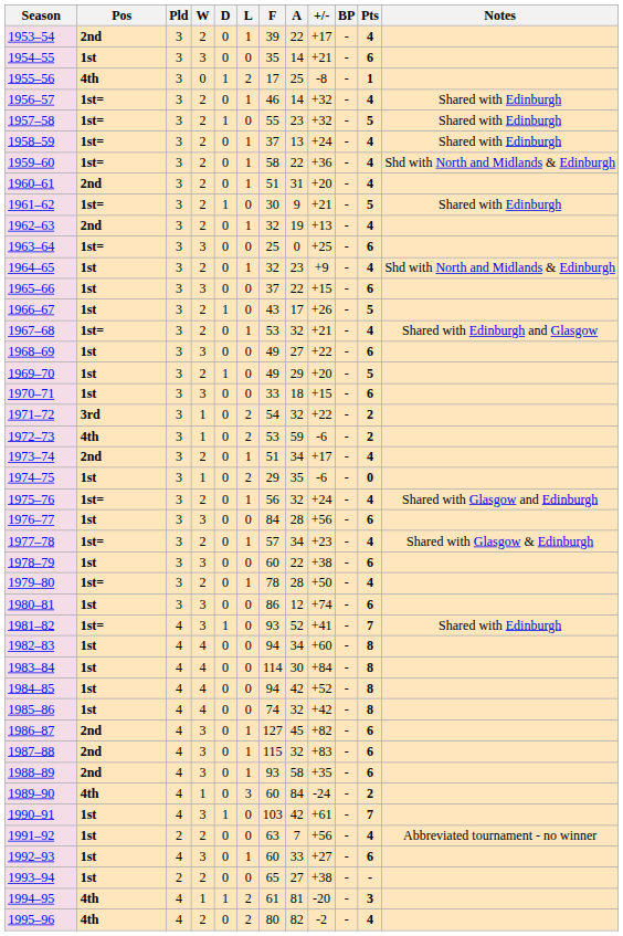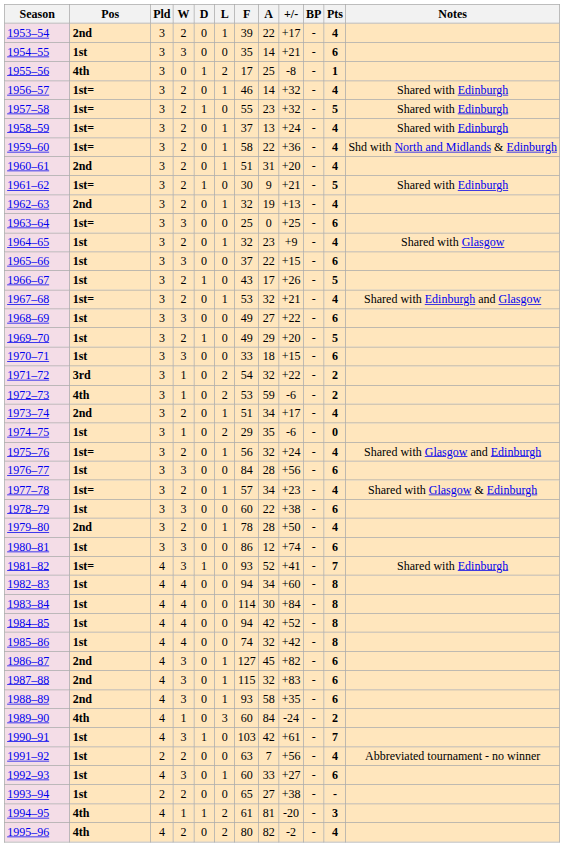 <table class="wikitable">
 <tr border=1 cellpadding=5 cellspacing=0>
 <th style="width:80px;">Season</th>
 <th style="width:100px;">Pos</th>
 <th style="width:20px;">Pld</th>
 <th style="width:20px;">W</th>
 <th style="width:20px;">D</th>
 <th style="width:20px;">L</th>
 <th style="width:20px;">F</th>
 <th style="width:20px;">A</th>
 <th style="width:25px;">+/-</th>
 <th style="width:20px;">BP</th>
 <th style="width:20px;">Pts</th>
 <th>Notes<br></th>
 </tr>
 <tr align=center>
 <td style="text-align:left; background:#F4DDE7;"><a href='#'>1953–54</a></td>
 <td style="text-align:left; background:#ffe6bd;"><strong>2nd</strong></td>
 <td style="background:#ffe6bd;">3</td>
 <td style="background:#ffe6bd;">2</td>
 <td style="background:#ffe6bd;">0</td>
 <td style="background:#ffe6bd;">1</td>
 <td style="background:#ffe6bd;">39</td>
 <td style="background:#ffe6bd;">22</td>
 <td style="background:#ffe6bd;">+17</td>
 <td style="background:#ffe6bd;">-</td>
 <td style="background:#ffe6bd;"><strong>4</strong></td>
 <td style="background:#ffe6bd;"><br> </td>
 </tr>
 <tr align=center>
 <td style="text-align:left; background:#F4DDE7;"><a href='#'>1954–55</a></td>
 <td style="text-align:left; background:#ffe6bd;"><strong>1st</strong></td>
 <td style="background:#ffe6bd;">3</td>
 <td style="background:#ffe6bd;">3</td>
 <td style="background:#ffe6bd;">0</td>
 <td style="background:#ffe6bd;">0</td>
 <td style="background:#ffe6bd;">35</td>
 <td style="background:#ffe6bd;">14</td>
 <td style="background:#ffe6bd;">+21</td>
 <td style="background:#ffe6bd;">-</td>
 <td style="background:#ffe6bd;"><strong>6</strong></td>
 <td style="background:#ffe6bd;"><br> </td>
 </tr>
 <tr align=center>
 <td style="text-align:left; background:#F4DDE7;"><a href='#'>1955–56</a></td>
 <td style="text-align:left; background:#ffe6bd;"><strong>4th</strong></td>
 <td style="background:#ffe6bd;">3</td>
 <td style="background:#ffe6bd;">0</td>
 <td style="background:#ffe6bd;">1</td>
 <td style="background:#ffe6bd;">2</td>
 <td style="background:#ffe6bd;">17</td>
 <td style="background:#ffe6bd;">25</td>
 <td style="background:#ffe6bd;">-8</td>
 <td style="background:#ffe6bd;">-</td>
 <td style="background:#ffe6bd;"><strong>1</strong></td>
 <td style="background:#ffe6bd;"><br> </td>
 </tr>
 <tr align=center>
 <td style="text-align:left; background:#F4DDE7;"><a href='#'>1956–57</a></td>
 <td style="text-align:left; background:#ffe6bd;"><strong>1st=</strong></td>
 <td style="background:#ffe6bd;">3</td>
 <td style="background:#ffe6bd;">2</td>
 <td style="background:#ffe6bd;">0</td>
 <td style="background:#ffe6bd;">1</td>
 <td style="background:#ffe6bd;">46</td>
 <td style="background:#ffe6bd;">14</td>
 <td style="background:#ffe6bd;">+32</td>
 <td style="background:#ffe6bd;">-</td>
 <td style="background:#ffe6bd;"><strong>4</strong></td>
 <td style="background:#ffe6bd;">Shared with <a href='#'>Edinburgh</a><br> </td>
 </tr>
 <tr align=center>
 <td style="text-align:left; background:#F4DDE7;"><a href='#'>1957–58</a></td>
 <td style="text-align:left; background:#ffe6bd;"><strong>1st=</strong></td>
 <td style="background:#ffe6bd;">3</td>
 <td style="background:#ffe6bd;">2</td>
 <td style="background:#ffe6bd;">1</td>
 <td style="background:#ffe6bd;">0</td>
 <td style="background:#ffe6bd;">55</td>
 <td style="background:#ffe6bd;">23</td>
 <td style="background:#ffe6bd;">+32</td>
 <td style="background:#ffe6bd;">-</td>
 <td style="background:#ffe6bd;"><strong>5</strong></td>
 <td style="background:#ffe6bd;">Shared with <a href='#'>Edinburgh</a><br> </td>
 </tr>
 <tr align=center>
 <td style="text-align:left; background:#F4DDE7;"><a href='#'>1958–59</a></td>
 <td style="text-align:left; background:#ffe6bd;"><strong>1st=</strong></td>
 <td style="background:#ffe6bd;">3</td>
 <td style="background:#ffe6bd;">2</td>
 <td style="background:#ffe6bd;">0</td>
 <td style="background:#ffe6bd;">1</td>
 <td style="background:#ffe6bd;">37</td>
 <td style="background:#ffe6bd;">13</td>
 <td style="background:#ffe6bd;">+24</td>
 <td style="background:#ffe6bd;">-</td>
 <td style="background:#ffe6bd;"><strong>4</strong></td>
 <td style="background:#ffe6bd;">Shared with <a href='#'>Edinburgh</a><br> </td>
 </tr>
 <tr align=center>
 <td style="text-align:left; background:#F4DDE7;"><a href='#'>1959–60</a></td>
 <td style="text-align:left; background:#ffe6bd;"><strong>1st=</strong></td>
 <td style="background:#ffe6bd;">3</td>
 <td style="background:#ffe6bd;">2</td>
 <td style="background:#ffe6bd;">0</td>
 <td style="background:#ffe6bd;">1</td>
 <td style="background:#ffe6bd;">58</td>
 <td style="background:#ffe6bd;">22</td>
 <td style="background:#ffe6bd;">+36</td>
 <td style="background:#ffe6bd;">-</td>
 <td style="background:#ffe6bd;"><strong>4</strong></td>
 <td style="background:#ffe6bd;">Shd with <a href='#'>North and Midlands</a> & <a href='#'>Edinburgh</a><br> </td>
 </tr>
 <tr align=center>
 <td style="text-align:left; background:#F4DDE7;"><a href='#'>1960–61</a></td>
 <td style="text-align:left; background:#ffe6bd;"><strong>2nd</strong></td>
 <td style="background:#ffe6bd;">3</td>
 <td style="background:#ffe6bd;">2</td>
 <td style="background:#ffe6bd;">0</td>
 <td style="background:#ffe6bd;">1</td>
 <td style="background:#ffe6bd;">51</td>
 <td style="background:#ffe6bd;">31</td>
 <td style="background:#ffe6bd;">+20</td>
 <td style="background:#ffe6bd;">-</td>
 <td style="background:#ffe6bd;"><strong>4</strong></td>
 <td style="background:#ffe6bd;"><br> </td>
 </tr>
 <tr align=center>
 <td style="text-align:left; background:#F4DDE7;"><a href='#'>1961–62</a></td>
 <td style="text-align:left; background:#ffe6bd;"><strong>1st=</strong></td>
 <td style="background:#ffe6bd;">3</td>
 <td style="background:#ffe6bd;">2</td>
 <td style="background:#ffe6bd;">1</td>
 <td style="background:#ffe6bd;">0</td>
 <td style="background:#ffe6bd;">30</td>
 <td style="background:#ffe6bd;">9</td>
 <td style="background:#ffe6bd;">+21</td>
 <td style="background:#ffe6bd;">-</td>
 <td style="background:#ffe6bd;"><strong>5</strong></td>
 <td style="background:#ffe6bd;">Shared with <a href='#'>Edinburgh</a><br> </td>
 </tr>
 <tr align=center>
 <td style="text-align:left; background:#F4DDE7;"><a href='#'>1962–63</a></td>
 <td style="text-align:left; background:#ffe6bd;"><strong>2nd</strong></td>
 <td style="background:#ffe6bd;">3</td>
 <td style="background:#ffe6bd;">2</td>
 <td style="background:#ffe6bd;">0</td>
 <td style="background:#ffe6bd;">1</td>
 <td style="background:#ffe6bd;">32</td>
 <td style="background:#ffe6bd;">19</td>
 <td style="background:#ffe6bd;">+13</td>
 <td style="background:#ffe6bd;">-</td>
 <td style="background:#ffe6bd;"><strong>4</strong></td>
 <td style="background:#ffe6bd;"><br> </td>
 </tr>
 <tr align=center>
 <td style="text-align:left; background:#F4DDE7;"><a href='#'>1963–64</a></td>
 <td style="text-align:left; background:#ffe6bd;"><strong>1st=</strong></td>
 <td style="background:#ffe6bd;">3</td>
 <td style="background:#ffe6bd;">3</td>
 <td style="background:#ffe6bd;">0</td>
 <td style="background:#ffe6bd;">0</td>
 <td style="background:#ffe6bd;">25</td>
 <td style="background:#ffe6bd;">0</td>
 <td style="background:#ffe6bd;">+25</td>
 <td style="background:#ffe6bd;">-</td>
 <td style="background:#ffe6bd;"><strong>6</strong></td>
 <td style="background:#ffe6bd;"><br> </td>
 </tr>
 <tr align=center>
 <td style="text-align:left; background:#F4DDE7;"><a href='#'>1964–65</a></td>
 <td style="text-align:left; background:#ffe6bd;"><strong>1st</strong></td>
 <td style="background:#ffe6bd;">3</td>
 <td style="background:#ffe6bd;">2</td>
 <td style="background:#ffe6bd;">0</td>
 <td style="background:#ffe6bd;">1</td>
 <td style="background:#ffe6bd;">32</td>
 <td style="background:#ffe6bd;">23</td>
 <td style="background:#ffe6bd;">+9</td>
 <td style="background:#ffe6bd;">-</td>
 <td style="background:#ffe6bd;"><strong>4</strong></td>
-<td style="background:#ffe6bd;">Shd with <a href='#'>North and Midlands</a> & <a href='#'>Edinburgh</a><br> </td>
+<td style="background:#ffe6bd;">Shared with <a href='#'>Glasgow</a><br> </td>
 </tr>
 <tr align=center>
 <td style="text-align:left; background:#F4DDE7;"><a href='#'>1965–66</a></td>
 <td style="text-align:left; background:#ffe6bd;"><strong>1st</strong></td>
 <td style="background:#ffe6bd;">3</td>
 <td style="background:#ffe6bd;">3</td>
 <td style="background:#ffe6bd;">0</td>
 <td style="background:#ffe6bd;">0</td>
 <td style="background:#ffe6bd;">37</td>
 <td style="background:#ffe6bd;">22</td>
 <td style="background:#ffe6bd;">+15</td>
 <td style="background:#ffe6bd;">-</td>
 <td style="background:#ffe6bd;"><strong>6</strong></td>
 <td style="background:#ffe6bd;"><br> </td>
 </tr>
 <tr align=center>
 <td style="text-align:left; background:#F4DDE7;"><a href='#'>1966–67</a></td>
 <td style="text-align:left; background:#ffe6bd;"><strong>1st</strong></td>
 <td style="background:#ffe6bd;">3</td>
 <td style="background:#ffe6bd;">2</td>
 <td style="background:#ffe6bd;">1</td>
 <td style="background:#ffe6bd;">0</td>
 <td style="background:#ffe6bd;">43</td>
 <td style="background:#ffe6bd;">17</td>
 <td style="background:#ffe6bd;">+26</td>
 <td style="background:#ffe6bd;">-</td>
 <td style="background:#ffe6bd;"><strong>5</strong></td>
 <td style="background:#ffe6bd;"><br> </td>
 </tr>
 <tr align=center>
 <td style="text-align:left; background:#F4DDE7;"><a href='#'>1967–68</a></td>
 <td style="text-align:left; background:#ffe6bd;"><strong>1st=</strong></td>
 <td style="background:#ffe6bd;">3</td>
 <td style="background:#ffe6bd;">2</td>
 <td style="background:#ffe6bd;">0</td>
 <td style="background:#ffe6bd;">1</td>
 <td style="background:#ffe6bd;">53</td>
 <td style="background:#ffe6bd;">32</td>
 <td style="background:#ffe6bd;">+21</td>
 <td style="background:#ffe6bd;">-</td>
 <td style="background:#ffe6bd;"><strong>4</strong></td>
 <td style="background:#ffe6bd;">Shared with <a href='#'>Edinburgh</a> and <a href='#'>Glasgow</a><br> </td>
 </tr>
 <tr align=center>
 <td style="text-align:left; background:#F4DDE7;"><a href='#'>1968–69</a></td>
 <td style="text-align:left; background:#ffe6bd;"><strong>1st</strong></td>
 <td style="background:#ffe6bd;">3</td>
 <td style="background:#ffe6bd;">3</td>
 <td style="background:#ffe6bd;">0</td>
 <td style="background:#ffe6bd;">0</td>
 <td style="background:#ffe6bd;">49</td>
 <td style="background:#ffe6bd;">27</td>
 <td style="background:#ffe6bd;">+22</td>
 <td style="background:#ffe6bd;">-</td>
 <td style="background:#ffe6bd;"><strong>6</strong></td>
 <td style="background:#ffe6bd;"><br> </td>
 </tr>
 <tr align=center>
 <td style="text-align:left; background:#F4DDE7;"><a href='#'>1969–70</a></td>
 <td style="text-align:left; background:#ffe6bd;"><strong>1st</strong></td>
 <td style="background:#ffe6bd;">3</td>
 <td style="background:#ffe6bd;">2</td>
 <td style="background:#ffe6bd;">1</td>
 <td style="background:#ffe6bd;">0</td>
 <td style="background:#ffe6bd;">49</td>
 <td style="background:#ffe6bd;">29</td>
 <td style="background:#ffe6bd;">+20</td>
 <td style="background:#ffe6bd;">-</td>
 <td style="background:#ffe6bd;"><strong>5</strong></td>
 <td style="background:#ffe6bd;"><br> </td>
 </tr>
 <tr align=center>
 <td style="text-align:left; background:#F4DDE7;"><a href='#'>1970–71</a></td>
 <td style="text-align:left; background:#ffe6bd;"><strong>1st</strong></td>
 <td style="background:#ffe6bd;">3</td>
 <td style="background:#ffe6bd;">3</td>
 <td style="background:#ffe6bd;">0</td>
 <td style="background:#ffe6bd;">0</td>
 <td style="background:#ffe6bd;">33</td>
 <td style="background:#ffe6bd;">18</td>
 <td style="background:#ffe6bd;">+15</td>
 <td style="background:#ffe6bd;">-</td>
 <td style="background:#ffe6bd;"><strong>6</strong></td>
 <td style="background:#ffe6bd;"><br> </td>
 </tr>
 <tr align=center>
 <td style="text-align:left; background:#F4DDE7;"><a href='#'>1971–72</a></td>
 <td style="text-align:left; background:#ffe6bd;"><strong>3rd</strong></td>
 <td style="background:#ffe6bd;">3</td>
 <td style="background:#ffe6bd;">1</td>
 <td style="background:#ffe6bd;">0</td>
 <td style="background:#ffe6bd;">2</td>
 <td style="background:#ffe6bd;">54</td>
 <td style="background:#ffe6bd;">32</td>
 <td style="background:#ffe6bd;">+22</td>
 <td style="background:#ffe6bd;">-</td>
 <td style="background:#ffe6bd;"><strong>2</strong></td>
 <td style="background:#ffe6bd;"><br> </td>
 </tr>
 <tr align=center>
 <td style="text-align:left; background:#F4DDE7;"><a href='#'>1972–73</a></td>
 <td style="text-align:left; background:#ffe6bd;"><strong>4th</strong></td>
 <td style="background:#ffe6bd;">3</td>
 <td style="background:#ffe6bd;">1</td>
 <td style="background:#ffe6bd;">0</td>
 <td style="background:#ffe6bd;">2</td>
 <td style="background:#ffe6bd;">53</td>
 <td style="background:#ffe6bd;">59</td>
 <td style="background:#ffe6bd;">-6</td>
 <td style="background:#ffe6bd;">-</td>
 <td style="background:#ffe6bd;"><strong>2</strong></td>
 <td style="background:#ffe6bd;"><br> </td>
 </tr>
 <tr align=center>
 <td style="text-align:left; background:#F4DDE7;"><a href='#'>1973–74</a></td>
 <td style="text-align:left; background:#ffe6bd;"><strong>2nd</strong></td>
 <td style="background:#ffe6bd;">3</td>
 <td style="background:#ffe6bd;">2</td>
 <td style="background:#ffe6bd;">0</td>
 <td style="background:#ffe6bd;">1</td>
 <td style="background:#ffe6bd;">51</td>
 <td style="background:#ffe6bd;">34</td>
 <td style="background:#ffe6bd;">+17</td>
 <td style="background:#ffe6bd;">-</td>
 <td style="background:#ffe6bd;"><strong>4</strong></td>
 <td style="background:#ffe6bd;"><br> </td>
 </tr>
 <tr align=center>
 <td style="text-align:left; background:#F4DDE7;"><a href='#'>1974–75</a></td>
 <td style="text-align:left; background:#ffe6bd;"><strong>1st</strong></td>
 <td style="background:#ffe6bd;">3</td>
 <td style="background:#ffe6bd;">1</td>
 <td style="background:#ffe6bd;">0</td>
 <td style="background:#ffe6bd;">2</td>
 <td style="background:#ffe6bd;">29</td>
 <td style="background:#ffe6bd;">35</td>
 <td style="background:#ffe6bd;">-6</td>
 <td style="background:#ffe6bd;">-</td>
 <td style="background:#ffe6bd;"><strong>0</strong></td>
 <td style="background:#ffe6bd;"><br> </td>
 </tr>
 <tr align=center>
 <td style="text-align:left; background:#F4DDE7;"><a href='#'>1975–76</a></td>
 <td style="text-align:left; background:#ffe6bd;"><strong>1st=</strong></td>
 <td style="background:#ffe6bd;">3</td>
 <td style="background:#ffe6bd;">2</td>
 <td style="background:#ffe6bd;">0</td>
 <td style="background:#ffe6bd;">1</td>
 <td style="background:#ffe6bd;">56</td>
 <td style="background:#ffe6bd;">32</td>
 <td style="background:#ffe6bd;">+24</td>
 <td style="background:#ffe6bd;">-</td>
 <td style="background:#ffe6bd;"><strong>4</strong></td>
 <td style="background:#ffe6bd;">Shared with <a href='#'>Glasgow</a> and <a href='#'>Edinburgh</a><br> </td>
 </tr>
 <tr align=center>
 <td style="text-align:left; background:#F4DDE7;"><a href='#'>1976–77</a></td>
 <td style="text-align:left; background:#ffe6bd;"><strong>1st</strong></td>
 <td style="background:#ffe6bd;">3</td>
 <td style="background:#ffe6bd;">3</td>
 <td style="background:#ffe6bd;">0</td>
 <td style="background:#ffe6bd;">0</td>
 <td style="background:#ffe6bd;">84</td>
 <td style="background:#ffe6bd;">28</td>
 <td style="background:#ffe6bd;">+56</td>
 <td style="background:#ffe6bd;">-</td>
 <td style="background:#ffe6bd;"><strong>6</strong></td>
 <td style="background:#ffe6bd;"><br> </td>
 </tr>
 <tr align=center>
 <td style="text-align:left; background:#F4DDE7;"><a href='#'>1977–78</a></td>
 <td style="text-align:left; background:#ffe6bd;"><strong>1st=</strong></td>
 <td style="background:#ffe6bd;">3</td>
 <td style="background:#ffe6bd;">2</td>
 <td style="background:#ffe6bd;">0</td>
 <td style="background:#ffe6bd;">1</td>
 <td style="background:#ffe6bd;">57</td>
 <td style="background:#ffe6bd;">34</td>
 <td style="background:#ffe6bd;">+23</td>
 <td style="background:#ffe6bd;">-</td>
 <td style="background:#ffe6bd;"><strong>4</strong></td>
 <td style="background:#ffe6bd;">Shared with <a href='#'>Glasgow</a> & <a href='#'>Edinburgh</a><br> </td>
 </tr>
 <tr align=center>
 <td style="text-align:left; background:#F4DDE7;"><a href='#'>1978–79</a></td>
 <td style="text-align:left; background:#ffe6bd;"><strong>1st</strong></td>
 <td style="background:#ffe6bd;">3</td>
 <td style="background:#ffe6bd;">3</td>
 <td style="background:#ffe6bd;">0</td>
 <td style="background:#ffe6bd;">0</td>
 <td style="background:#ffe6bd;">60</td>
 <td style="background:#ffe6bd;">22</td>
 <td style="background:#ffe6bd;">+38</td>
 <td style="background:#ffe6bd;">-</td>
 <td style="background:#ffe6bd;"><strong>6</strong></td>
 <td style="background:#ffe6bd;"><br> </td>
 </tr>
 <tr align=center>
 <td style="text-align:left; background:#F4DDE7;"><a href='#'>1979–80</a></td>
-<td style="text-align:left; background:#ffe6bd;"><strong>1st=</strong></td>
+<td style="text-align:left; background:#ffe6bd;"><strong>2nd</strong></td>
 <td style="background:#ffe6bd;">3</td>
 <td style="background:#ffe6bd;">2</td>
 <td style="background:#ffe6bd;">0</td>
 <td style="background:#ffe6bd;">1</td>
 <td style="background:#ffe6bd;">78</td>
 <td style="background:#ffe6bd;">28</td>
 <td style="background:#ffe6bd;">+50</td>
 <td style="background:#ffe6bd;">-</td>
 <td style="background:#ffe6bd;"><strong>4</strong></td>
 <td style="background:#ffe6bd;"><br> </td>
 </tr>
 <tr align=center>
 <td style="text-align:left; background:#F4DDE7;"><a href='#'>1980–81</a></td>
 <td style="text-align:left; background:#ffe6bd;"><strong>1st</strong></td>
 <td style="background:#ffe6bd;">3</td>
 <td style="background:#ffe6bd;">3</td>
 <td style="background:#ffe6bd;">0</td>
 <td style="background:#ffe6bd;">0</td>
 <td style="background:#ffe6bd;">86</td>
 <td style="background:#ffe6bd;">12</td>
 <td style="background:#ffe6bd;">+74</td>
 <td style="background:#ffe6bd;">-</td>
 <td style="background:#ffe6bd;"><strong>6</strong></td>
 <td style="background:#ffe6bd;"><br> </td>
 </tr>
 <tr align=center>
 <td style="text-align:left; background:#F4DDE7;"><a href='#'>1981–82</a></td>
 <td style="text-align:left; background:#ffe6bd;"><strong>1st=</strong></td>
 <td style="background:#ffe6bd;">4</td>
 <td style="background:#ffe6bd;">3</td>
 <td style="background:#ffe6bd;">1</td>
 <td style="background:#ffe6bd;">0</td>
 <td style="background:#ffe6bd;">93</td>
 <td style="background:#ffe6bd;">52</td>
 <td style="background:#ffe6bd;">+41</td>
 <td style="background:#ffe6bd;">-</td>
 <td style="background:#ffe6bd;"><strong>7</strong></td>
 <td style="background:#ffe6bd;">Shared with <a href='#'>Edinburgh</a><br> </td>
 </tr>
 <tr align=center>
 <td style="text-align:left; background:#F4DDE7;"><a href='#'>1982–83</a></td>
 <td style="text-align:left; background:#ffe6bd;"><strong>1st</strong></td>
 <td style="background:#ffe6bd;">4</td>
 <td style="background:#ffe6bd;">4</td>
 <td style="background:#ffe6bd;">0</td>
 <td style="background:#ffe6bd;">0</td>
 <td style="background:#ffe6bd;">94</td>
 <td style="background:#ffe6bd;">34</td>
 <td style="background:#ffe6bd;">+60</td>
 <td style="background:#ffe6bd;">-</td>
 <td style="background:#ffe6bd;"><strong>8</strong></td>
 <td style="background:#ffe6bd;"><br> </td>
 </tr>
 <tr align=center>
 <td style="text-align:left; background:#F4DDE7;"><a href='#'>1983–84</a></td>
 <td style="text-align:left; background:#ffe6bd;"><strong>1st</strong></td>
 <td style="background:#ffe6bd;">4</td>
 <td style="background:#ffe6bd;">4</td>
 <td style="background:#ffe6bd;">0</td>
 <td style="background:#ffe6bd;">0</td>
 <td style="background:#ffe6bd;">114</td>
 <td style="background:#ffe6bd;">30</td>
 <td style="background:#ffe6bd;">+84</td>
 <td style="background:#ffe6bd;">-</td>
 <td style="background:#ffe6bd;"><strong>8</strong></td>
 <td style="background:#ffe6bd;"><br> </td>
 </tr>
 <tr align=center>
 <td style="text-align:left; background:#F4DDE7;"><a href='#'>1984–85</a></td>
 <td style="text-align:left; background:#ffe6bd;"><strong>1st</strong></td>
 <td style="background:#ffe6bd;">4</td>
 <td style="background:#ffe6bd;">4</td>
 <td style="background:#ffe6bd;">0</td>
 <td style="background:#ffe6bd;">0</td>
 <td style="background:#ffe6bd;">94</td>
 <td style="background:#ffe6bd;">42</td>
 <td style="background:#ffe6bd;">+52</td>
 <td style="background:#ffe6bd;">-</td>
 <td style="background:#ffe6bd;"><strong>8</strong></td>
 <td style="background:#ffe6bd;"><br> </td>
 </tr>
 <tr align=center>
 <td style="text-align:left; background:#F4DDE7;"><a href='#'>1985–86</a></td>
 <td style="text-align:left; background:#ffe6bd;"><strong>1st</strong></td>
 <td style="background:#ffe6bd;">4</td>
 <td style="background:#ffe6bd;">4</td>
 <td style="background:#ffe6bd;">0</td>
 <td style="background:#ffe6bd;">0</td>
 <td style="background:#ffe6bd;">74</td>
 <td style="background:#ffe6bd;">32</td>
 <td style="background:#ffe6bd;">+42</td>
 <td style="background:#ffe6bd;">-</td>
 <td style="background:#ffe6bd;"><strong>8</strong></td>
 <td style="background:#ffe6bd;"><br> </td>
 </tr>
 <tr align=center>
 <td style="text-align:left; background:#F4DDE7;"><a href='#'>1986–87</a></td>
 <td style="text-align:left; background:#ffe6bd;"><strong>2nd</strong></td>
 <td style="background:#ffe6bd;">4</td>
 <td style="background:#ffe6bd;">3</td>
 <td style="background:#ffe6bd;">0</td>
 <td style="background:#ffe6bd;">1</td>
 <td style="background:#ffe6bd;">127</td>
 <td style="background:#ffe6bd;">45</td>
 <td style="background:#ffe6bd;">+82</td>
 <td style="background:#ffe6bd;">-</td>
 <td style="background:#ffe6bd;"><strong>6</strong></td>
 <td style="background:#ffe6bd;"><br> </td>
 </tr>
 <tr align=center>
 <td style="text-align:left; background:#F4DDE7;"><a href='#'>1987–88</a></td>
 <td style="text-align:left; background:#ffe6bd;"><strong>2nd</strong></td>
 <td style="background:#ffe6bd;">4</td>
 <td style="background:#ffe6bd;">3</td>
 <td style="background:#ffe6bd;">0</td>
 <td style="background:#ffe6bd;">1</td>
 <td style="background:#ffe6bd;">115</td>
 <td style="background:#ffe6bd;">32</td>
 <td style="background:#ffe6bd;">+83</td>
 <td style="background:#ffe6bd;">-</td>
 <td style="background:#ffe6bd;"><strong>6</strong></td>
 <td style="background:#ffe6bd;"><br> </td>
 </tr>
 <tr align=center>
 <td style="text-align:left; background:#F4DDE7;"><a href='#'>1988–89</a></td>
 <td style="text-align:left; background:#ffe6bd;"><strong>2nd</strong></td>
 <td style="background:#ffe6bd;">4</td>
 <td style="background:#ffe6bd;">3</td>
 <td style="background:#ffe6bd;">0</td>
 <td style="background:#ffe6bd;">1</td>
 <td style="background:#ffe6bd;">93</td>
 <td style="background:#ffe6bd;">58</td>
 <td style="background:#ffe6bd;">+35</td>
 <td style="background:#ffe6bd;">-</td>
 <td style="background:#ffe6bd;"><strong>6</strong></td>
 <td style="background:#ffe6bd;"><br> </td>
 </tr>
 <tr align=center>
 <td style="text-align:left; background:#F4DDE7;"><a href='#'>1989–90</a></td>
 <td style="text-align:left; background:#ffe6bd;"><strong>4th</strong></td>
 <td style="background:#ffe6bd;">4</td>
 <td style="background:#ffe6bd;">1</td>
 <td style="background:#ffe6bd;">0</td>
 <td style="background:#ffe6bd;">3</td>
 <td style="background:#ffe6bd;">60</td>
 <td style="background:#ffe6bd;">84</td>
 <td style="background:#ffe6bd;">-24</td>
 <td style="background:#ffe6bd;">-</td>
 <td style="background:#ffe6bd;"><strong>2</strong></td>
 <td style="background:#ffe6bd;"><br> </td>
 </tr>
 <tr align=center>
 <td style="text-align:left; background:#F4DDE7;"><a href='#'>1990–91</a></td>
 <td style="text-align:left; background:#ffe6bd;"><strong>1st</strong></td>
 <td style="background:#ffe6bd;">4</td>
 <td style="background:#ffe6bd;">3</td>
 <td style="background:#ffe6bd;">1</td>
 <td style="background:#ffe6bd;">0</td>
 <td style="background:#ffe6bd;">103</td>
 <td style="background:#ffe6bd;">42</td>
 <td style="background:#ffe6bd;">+61</td>
 <td style="background:#ffe6bd;">-</td>
 <td style="background:#ffe6bd;"><strong>7</strong></td>
 <td style="background:#ffe6bd;"><br> </td>
 </tr>
 <tr align=center>
 <td style="text-align:left; background:#F4DDE7;"><a href='#'>1991–92</a></td>
 <td style="text-align:left; background:#ffe6bd;"><strong>1st</strong></td>
 <td style="background:#ffe6bd;">2</td>
 <td style="background:#ffe6bd;">2</td>
 <td style="background:#ffe6bd;">0</td>
 <td style="background:#ffe6bd;">0</td>
 <td style="background:#ffe6bd;">63</td>
 <td style="background:#ffe6bd;">7</td>
 <td style="background:#ffe6bd;">+56</td>
 <td style="background:#ffe6bd;">-</td>
 <td style="background:#ffe6bd;"><strong>4</strong></td>
 <td style="background:#ffe6bd;">Abbreviated tournament - no winner<br> </td>
 </tr>
 <tr align=center>
 <td style="text-align:left; background:#F4DDE7;"><a href='#'>1992–93</a></td>
 <td style="text-align:left; background:#ffe6bd;"><strong>1st</strong></td>
 <td style="background:#ffe6bd;">4</td>
 <td style="background:#ffe6bd;">3</td>
 <td style="background:#ffe6bd;">0</td>
 <td style="background:#ffe6bd;">1</td>
 <td style="background:#ffe6bd;">60</td>
 <td style="background:#ffe6bd;">33</td>
 <td style="background:#ffe6bd;">+27</td>
 <td style="background:#ffe6bd;">-</td>
 <td style="background:#ffe6bd;"><strong>6</strong></td>
 <td style="background:#ffe6bd;"><br> </td>
 </tr>
 <tr align=center>
 <td style="text-align:left; background:#F4DDE7;"><a href='#'>1993–94</a></td>
 <td style="text-align:left; background:#ffe6bd;"><strong>1st</strong></td>
 <td style="background:#ffe6bd;">2</td>
 <td style="background:#ffe6bd;">2</td>
 <td style="background:#ffe6bd;">0</td>
 <td style="background:#ffe6bd;">0</td>
 <td style="background:#ffe6bd;">65</td>
 <td style="background:#ffe6bd;">27</td>
 <td style="background:#ffe6bd;">+38</td>
 <td style="background:#ffe6bd;">-</td>
 <td style="background:#ffe6bd;"><strong>-</strong></td>
 <td style="background:#ffe6bd;"><br> </td>
 </tr>
 <tr align=center>
 <td style="text-align:left; background:#F4DDE7;"><a href='#'>1994–95</a></td>
 <td style="text-align:left; background:#ffe6bd;"><strong>4th</strong></td>
 <td style="background:#ffe6bd;">4</td>
 <td style="background:#ffe6bd;">1</td>
 <td style="background:#ffe6bd;">1</td>
 <td style="background:#ffe6bd;">2</td>
 <td style="background:#ffe6bd;">61</td>
 <td style="background:#ffe6bd;">81</td>
 <td style="background:#ffe6bd;">-20</td>
 <td style="background:#ffe6bd;">-</td>
 <td style="background:#ffe6bd;"><strong>3</strong></td>
 <td style="background:#ffe6bd;"><br> </td>
 </tr>
 <tr align=center>
 <td style="text-align:left; background:#F4DDE7;"><a href='#'>1995–96</a></td>
 <td style="text-align:left; background:#ffe6bd;"><strong>4th</strong></td>
 <td style="background:#ffe6bd;">4</td>
 <td style="background:#ffe6bd;">2</td>
 <td style="background:#ffe6bd;">0</td>
 <td style="background:#ffe6bd;">2</td>
 <td style="background:#ffe6bd;">80</td>
 <td style="background:#ffe6bd;">82</td>
 <td style="background:#ffe6bd;">-2</td>
 <td style="background:#ffe6bd;">-</td>
 <td style="background:#ffe6bd;"><strong>4</strong></td>
 <td style="background:#ffe6bd;"><br></td>
 </tr>
 </table>
